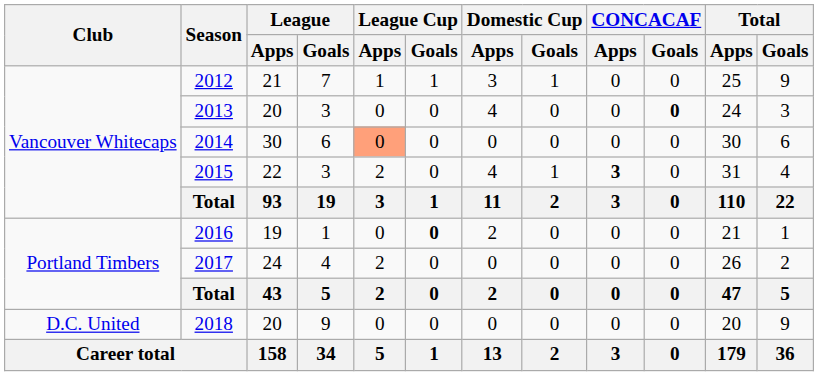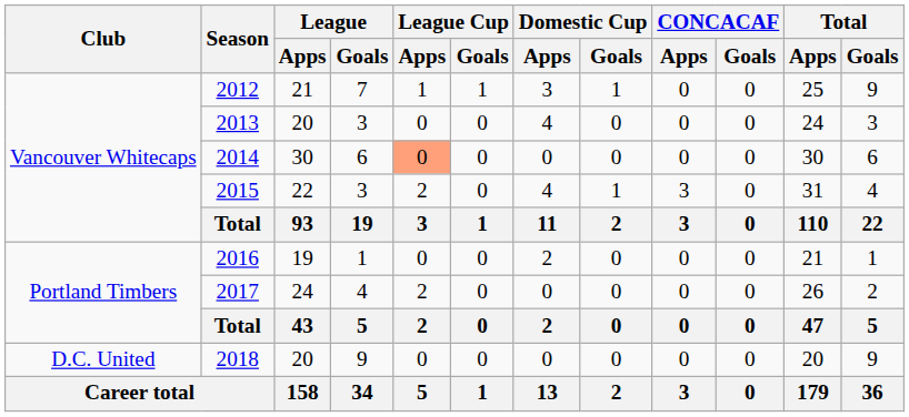 <table class="wikitable" style="text-align: center;">
 <tr>
 <th rowspan="2">Club</th>
 <th rowspan="2">Season</th>
 <th colspan="2">League</th>
 <th colspan="2">League Cup</th>
 <th colspan="2">Domestic Cup</th>
 <th colspan="2"><a href='#'>CONCACAF</a></th>
 <th colspan="2">Total</th>
 </tr>
 <tr>
 <th>Apps</th>
 <th>Goals</th>
 <th>Apps</th>
 <th>Goals</th>
 <th>Apps</th>
 <th>Goals</th>
 <th>Apps</th>
 <th>Goals</th>
 <th>Apps</th>
 <th>Goals</th>
 </tr>
 <tr>
 <td rowspan="5"><a href='#'>Vancouver Whitecaps</a></td>
 <td><a href='#'>2012</a></td>
 <td>21</td>
 <td>7</td>
 <td>1</td>
 <td>1</td>
 <td>3</td>
 <td>1</td>
 <td>0</td>
 <td>0</td>
 <td>25</td>
 <td>9</td>
 </tr>
 <tr>
 <td><a href='#'>2013</a></td>
 <td>20</td>
 <td>3</td>
 <td>0</td>
 <td>0</td>
 <td>4</td>
 <td>0</td>
 <td>0</td>
-<td><strong>0</strong></td>
+<td>0</td>
 <td>24</td>
 <td>3</td>
 </tr>
 <tr>
 <td><a href='#'>2014</a></td>
 <td>30</td>
 <td>6</td>
 <td style="background: lightsalmon;">0</td>
 <td>0</td>
 <td>0</td>
 <td>0</td>
 <td>0</td>
 <td>0</td>
 <td>30</td>
 <td>6</td>
 </tr>
 <tr>
 <td><a href='#'>2015</a></td>
 <td>22</td>
 <td>3</td>
 <td>2</td>
 <td>0</td>
 <td>4</td>
 <td>1</td>
-<td><strong>3</strong></td>
+<td>3</td>
 <td>0</td>
 <td>31</td>
 <td>4</td>
 </tr>
 <tr>
 <th>Total</th>
 <th>93</th>
 <th>19</th>
 <th>3</th>
 <th>1</th>
 <th>11</th>
 <th>2</th>
 <th>3</th>
 <th>0</th>
 <th>110</th>
 <th>22</th>
 </tr>
 <tr>
 <td rowspan="3"><a href='#'>Portland Timbers</a></td>
 <td><a href='#'>2016</a></td>
 <td>19</td>
 <td>1</td>
 <td>0</td>
-<td><strong>0</strong></td>
+<td>0</td>
 <td>2</td>
 <td>0</td>
 <td>0</td>
 <td>0</td>
 <td>21</td>
 <td>1</td>
 </tr>
 <tr>
 <td><a href='#'>2017</a></td>
 <td>24</td>
 <td>4</td>
 <td>2</td>
 <td>0</td>
 <td>0</td>
 <td>0</td>
 <td>0</td>
 <td>0</td>
 <td>26</td>
 <td>2</td>
 </tr>
 <tr>
 <th>Total</th>
 <th>43</th>
 <th>5</th>
 <th>2</th>
 <th>0</th>
 <th>2</th>
 <th>0</th>
 <th>0</th>
 <th>0</th>
 <th>47</th>
 <th>5</th>
 </tr>
 <tr>
 <td><a href='#'>D.C. United</a></td>
 <td><a href='#'>2018</a></td>
 <td>20</td>
 <td>9 </td>
 <td>0</td>
 <td>0</td>
 <td>0</td>
 <td>0</td>
 <td>0</td>
 <td>0</td>
 <td>20</td>
 <td>9</td>
 </tr>
 <tr>
 <th colspan="2">Career total</th>
 <th>158</th>
 <th>34</th>
 <th>5</th>
 <th>1</th>
 <th>13</th>
 <th>2</th>
 <th>3</th>
 <th>0</th>
 <th>179</th>
 <th>36</th>
 </tr>
 </table>
